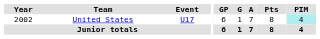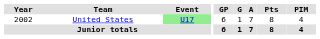 <table border="0" cellpadding="1" cellspacing="0" ID="Table3" style="text-align:center; width:40em">
 <tr ALIGN="center" bgcolor="#e0e0e0">
 <th>Year</th>
 <th>Team</th>
 <th>Event</th>
 <th rowspan="99" bgcolor="#ffffff"></th>
 <th>GP</th>
 <th>G</th>
 <th>A</th>
 <th>Pts</th>
 <th>PIM</th>
 </tr>
 <tr>
 <td>2002</td>
 <td><a href='#'>United States</a></td>
-<td><a href='#'>U17</a></td>
+<td style="background: lightgreen;"><a href='#'>U17</a></td>
 <td>6</td>
 <td>1</td>
 <td>7</td>
 <td>8</td>
-<td style="background: paleturquoise;">4</td>
+<td>4</td>
 </tr>
 <tr bgcolor="#e0e0e0">
 <th colspan="3">Junior totals</th>
 <th>6</th>
 <th>1</th>
 <th>7</th>
 <th>8</th>
 <th>4</th>
 </tr>
 </table>
